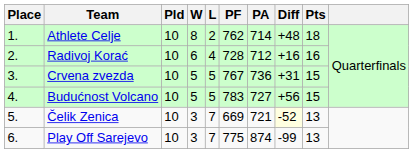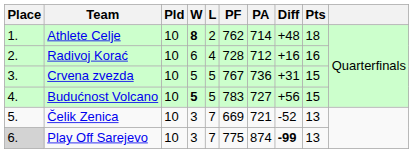 <table class="wikitable">
 <tr>
 <th>Place</th>
 <th>Team</th>
 <th>Pld</th>
 <th>W</th>
 <th>L</th>
 <th>PF</th>
 <th>PA</th>
 <th>Diff</th>
 <th>Pts</th>
 <th></th>
 </tr>
 <tr bgcolor=#ccffcc>
 <td>1.</td>
 <td> <a href='#'>Athlete Celje</a></td>
 <td>10</td>
-<td>8</td>
+<td><strong>8</strong></td>
 <td>2</td>
 <td>762</td>
 <td>714</td>
 <td>+48</td>
 <td>18</td>
 <td rowspan="4">Quarterfinals</td>
 </tr>
 <tr bgcolor=#ccffcc>
 <td>2.</td>
 <td> <a href='#'>Radivoj Korać</a></td>
 <td>10</td>
 <td>6</td>
 <td>4</td>
 <td>728</td>
 <td>712</td>
 <td>+16</td>
 <td>16</td>
 </tr>
 <tr bgcolor=#ccffcc>
 <td>3.</td>
 <td> <a href='#'>Crvena zvezda</a></td>
 <td>10</td>
 <td>5</td>
 <td>5</td>
 <td>767</td>
 <td>736</td>
 <td>+31</td>
 <td>15</td>
 </tr>
 <tr bgcolor=#ccffcc>
 <td>4.</td>
 <td> <a href='#'>Budućnost Volcano</a></td>
 <td>10</td>
-<td>5</td>
+<td><strong>5</strong></td>
 <td>5</td>
 <td>783</td>
 <td>727</td>
 <td>+56</td>
 <td>15</td>
 </tr>
 <tr>
 <td>5.</td>
 <td> <a href='#'>Čelik Zenica</a></td>
 <td>10</td>
 <td>3</td>
 <td>7</td>
 <td>669</td>
 <td>721</td>
-<td style="background: lightyellow;">-52</td>
+<td>-52</td>
 <td>13</td>
 <td rowspan="2"></td>
 </tr>
 <tr>
-<td>6.</td>
+<td style="background: lightgrey;">6.</td>
 <td> <a href='#'>Play Off Sarejevo</a></td>
 <td>10</td>
 <td>3</td>
 <td>7</td>
 <td>775</td>
 <td>874</td>
-<td>-99</td>
+<td><strong>-99</strong></td>
 <td>13</td>
 </tr>
 </table>
